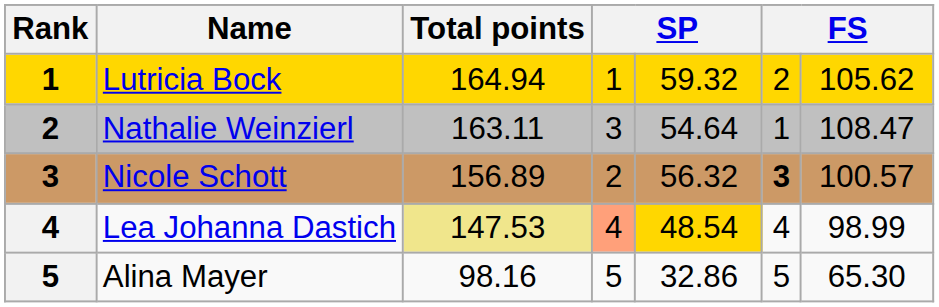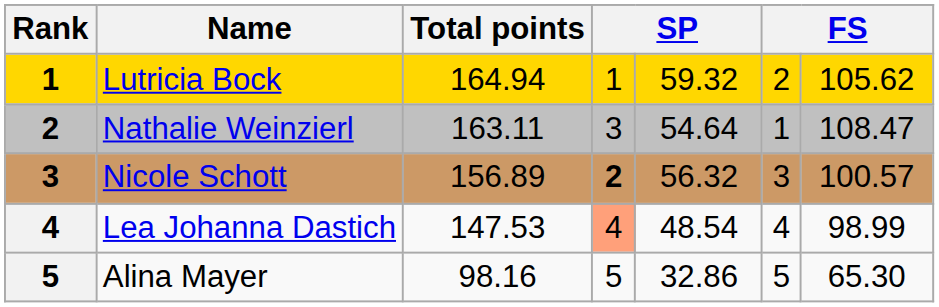 <table class="wikitable sortable">
 <tr>
 <th>Rank</th>
 <th>Name</th>
 <th>Total points</th>
 <th colspan="2" width="80px"><a href='#'>SP</a></th>
 <th colspan="2" width="80px"><a href='#'>FS</a></th>
 </tr>
 <tr bgcolor="gold">
 <td align="center"><strong>1</strong></td>
 <td><a href='#'>Lutricia Bock</a></td>
 <td align="center">164.94</td>
 <td align="center">1</td>
 <td align="center">59.32</td>
 <td align="center">2</td>
 <td align="center">105.62</td>
 </tr>
 <tr bgcolor="silver">
 <td align="center"><strong>2</strong></td>
 <td><a href='#'>Nathalie Weinzierl</a></td>
 <td align="center">163.11</td>
 <td align="center">3</td>
 <td align="center">54.64</td>
 <td align="center">1</td>
 <td align="center">108.47</td>
 </tr>
 <tr bgcolor="cc9966">
 <td align="center"><strong>3</strong></td>
 <td><a href='#'>Nicole Schott</a></td>
 <td align="center">156.89</td>
-<td align="center">2</td>
+<td align="center"><strong>2</strong></td>
 <td align="center">56.32</td>
-<td align="center"><strong>3</strong></td>
+<td align="center">3</td>
 <td align="center">100.57</td>
 </tr>
 <tr>
 <th>4</th>
 <td><a href='#'>Lea Johanna Dastich</a></td>
-<td align="center" style="background: khaki;">147.53</td>
+<td align="center">147.53</td>
 <td align="center" style="background: lightsalmon;">4</td>
-<td align="center" style="background: gold;">48.54</td>
+<td align="center">48.54</td>
 <td align="center">4</td>
 <td align="center">98.99</td>
 </tr>
 <tr>
 <th>5</th>
 <td>Alina Mayer</td>
 <td align="center">98.16</td>
 <td align="center">5</td>
 <td align="center">32.86</td>
 <td align="center">5</td>
 <td align="center">65.30</td>
 </tr>
 </table>
